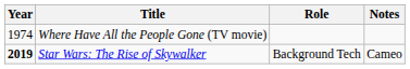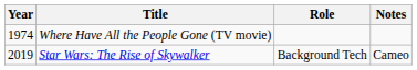 <table class="wikitable">
 <tr>
 <th>Year</th>
 <th>Title</th>
 <th>Role</th>
 <th>Notes</th>
 </tr>
 <tr>
 <td>1974</td>
 <td><em>Where Have All the People Gone</em> (TV movie)</td>
 <td></td>
 </tr>
 <tr>
-<td><strong>2019</strong></td>
+<td>2019</td>
 <td><em><a href='#'>Star Wars: The Rise of Skywalker</a></td>
 <td>Background Tech</td>
 <td>Cameo</td>
 </tr>
 </table>
